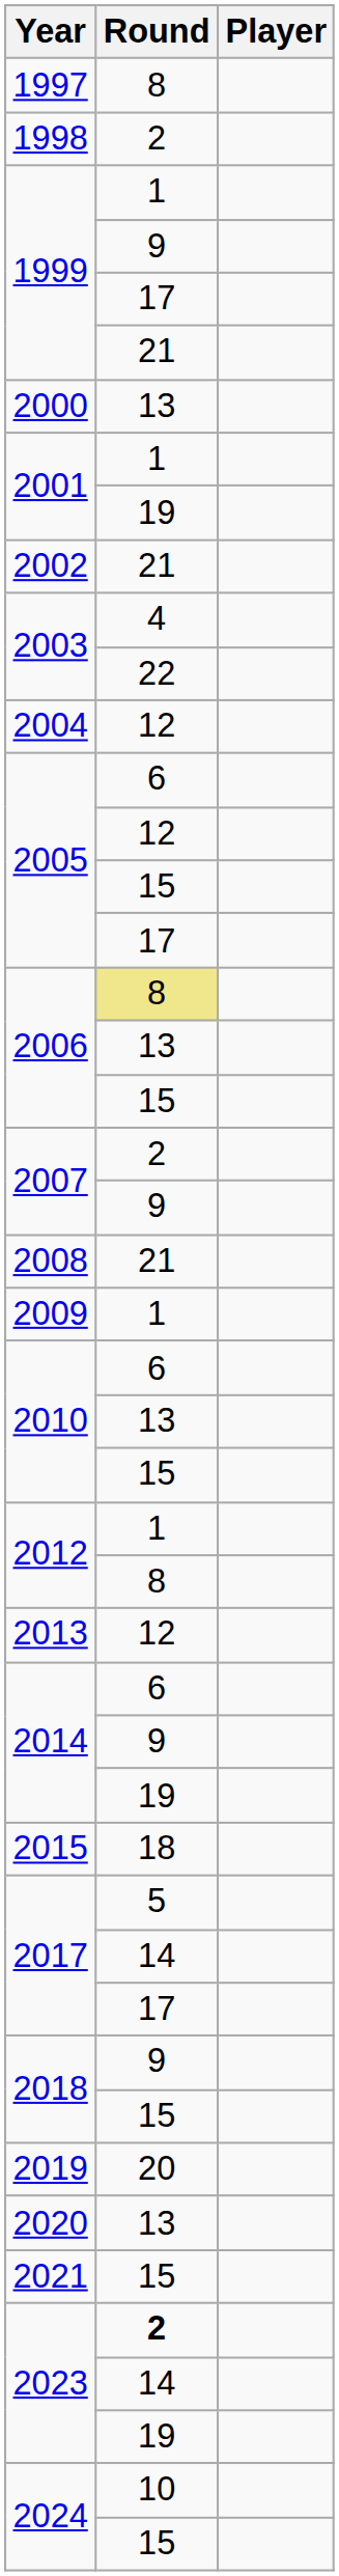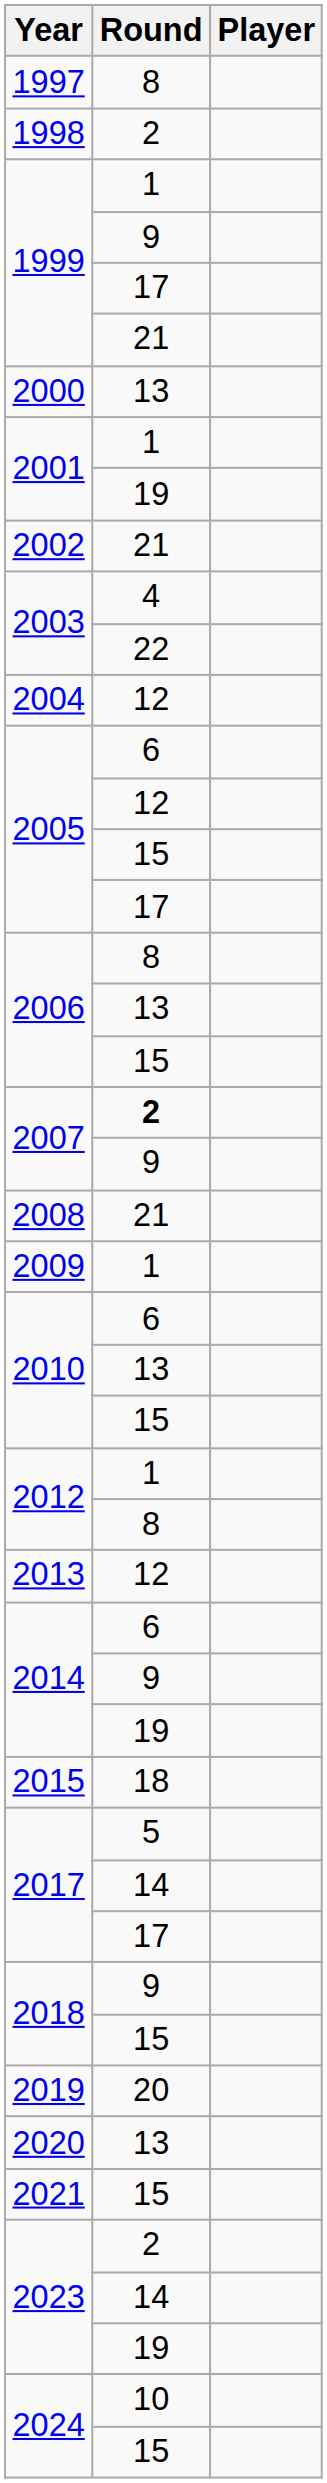 <table class="wikitable sortable" style="text-align:center">
 <tr>
 <th>Year</th>
 <th>Round</th>
 <th>Player</th>
 </tr>
 <tr>
 <td><a href='#'>1997</a></td>
 <td>8</td>
 <td></td>
 </tr>
 <tr>
 <td><a href='#'>1998</a></td>
 <td>2</td>
 <td></td>
 </tr>
 <tr>
 <th rowspan= "4" style="font-weight: normal; background: #F9F9F9"><a href='#'>1999</a></th>
 <td>1</td>
 <td></td>
 </tr>
 <tr>
 <td>9</td>
 <td></td>
 </tr>
 <tr>
 <td>17</td>
 <td></td>
 </tr>
 <tr>
 <td>21</td>
 <td></td>
 </tr>
 <tr>
 <td><a href='#'>2000</a></td>
 <td>13</td>
 <td></td>
 </tr>
 <tr>
 <th rowspan= "2" style="font-weight: normal; background: #F9F9F9"><a href='#'>2001</a></th>
 <td>1</td>
 <td></td>
 </tr>
 <tr>
 <td>19</td>
 <td></td>
 </tr>
 <tr>
 <td><a href='#'>2002</a></td>
 <td>21</td>
 <td></td>
 </tr>
 <tr>
 <th rowspan= "2" style="font-weight: normal; background: #F9F9F9"><a href='#'>2003</a></th>
 <td>4</td>
 <td></td>
 </tr>
 <tr>
 <td>22</td>
 <td></td>
 </tr>
 <tr>
 <td><a href='#'>2004</a></td>
 <td>12</td>
 <td></td>
 </tr>
 <tr>
 <th rowspan= "4" style="font-weight: normal; background: #F9F9F9"><a href='#'>2005</a></th>
 <td>6</td>
 <td></td>
 </tr>
 <tr>
 <td>12</td>
 <td></td>
 </tr>
 <tr>
 <td>15</td>
 <td></td>
 </tr>
 <tr>
 <td>17</td>
 <td></td>
 </tr>
 <tr>
 <th rowspan= "3" style="font-weight: normal; background: #F9F9F9"><a href='#'>2006</a></th>
-<td style="background: khaki;">8</td>
+<td>8</td>
 <td></td>
 </tr>
 <tr>
 <td>13</td>
 <td></td>
 </tr>
 <tr>
 <td>15</td>
 <td></td>
 </tr>
 <tr>
 <th rowspan= "2" style="font-weight: normal; background: #F9F9F9"><a href='#'>2007</a></th>
-<td>2</td>
+<td><strong>2</strong></td>
 <td></td>
 </tr>
 <tr>
 <td>9</td>
 <td></td>
 </tr>
 <tr>
 <td><a href='#'>2008</a></td>
 <td>21</td>
 <td></td>
 </tr>
 <tr>
 <td><a href='#'>2009</a></td>
 <td>1</td>
 <td><strong></strong></td>
 </tr>
 <tr>
 <th rowspan= "3" style="font-weight: normal; background: #F9F9F9"><a href='#'>2010</a></th>
 <td>6</td>
 <td></td>
 </tr>
 <tr>
 <td>13</td>
 <td></td>
 </tr>
 <tr>
 <td>15</td>
 <td></td>
 </tr>
 <tr>
 <th rowspan= "2" style="font-weight: normal; background: #F9F9F9"><a href='#'>2012</a></th>
 <td>1</td>
 <td></td>
 </tr>
 <tr>
 <td>8</td>
 <td></td>
 </tr>
 <tr>
 <td><a href='#'>2013</a></td>
 <td>12</td>
 <td></td>
 </tr>
 <tr>
 <th rowspan= "3" style="font-weight: normal; background: #F9F9F9"><a href='#'>2014</a></th>
 <td>6</td>
 <td></td>
 </tr>
 <tr>
 <td>9</td>
 <td><strong></strong></td>
 </tr>
 <tr>
 <td>19</td>
 <td></td>
 </tr>
 <tr>
 <td><a href='#'>2015</a></td>
 <td>18</td>
 <td></td>
 </tr>
 <tr>
 <th rowspan= "3" style="font-weight: normal; background: #F9F9F9"><a href='#'>2017</a></th>
 <td>5</td>
 <td></td>
 </tr>
 <tr>
 <td>14</td>
 <td></td>
 </tr>
 <tr>
 <td>17</td>
 <td></td>
 </tr>
 <tr>
 <th rowspan= "2" style="font-weight: normal; background: #F9F9F9"><a href='#'>2018</a></th>
 <td>9</td>
 <td></td>
 </tr>
 <tr>
 <td>15</td>
 <td></td>
 </tr>
 <tr>
 <td><a href='#'>2019</a></td>
 <td>20</td>
 <td></td>
 </tr>
 <tr>
 <td><a href='#'>2020</a></td>
 <td>13</td>
 <td></td>
 </tr>
 <tr>
 <td><a href='#'>2021</a></td>
 <td>15</td>
 <td></td>
 </tr>
 <tr>
 <th rowspan= "3" style="font-weight: normal; background: #F9F9F9"><a href='#'>2023</a></th>
-<td><strong>2</strong></td>
+<td>2</td>
 <td></td>
 </tr>
 <tr>
 <td>14</td>
 <td></td>
 </tr>
 <tr>
 <td>19</td>
 <td></td>
 </tr>
 <tr>
 <th rowspan= "2" style="font-weight: normal; background: #F9F9F9"><a href='#'>2024</a></th>
 <td>10</td>
 <td></td>
 </tr>
 <tr>
 <td>15</td>
 <td></td>
 </tr>
 </table>
